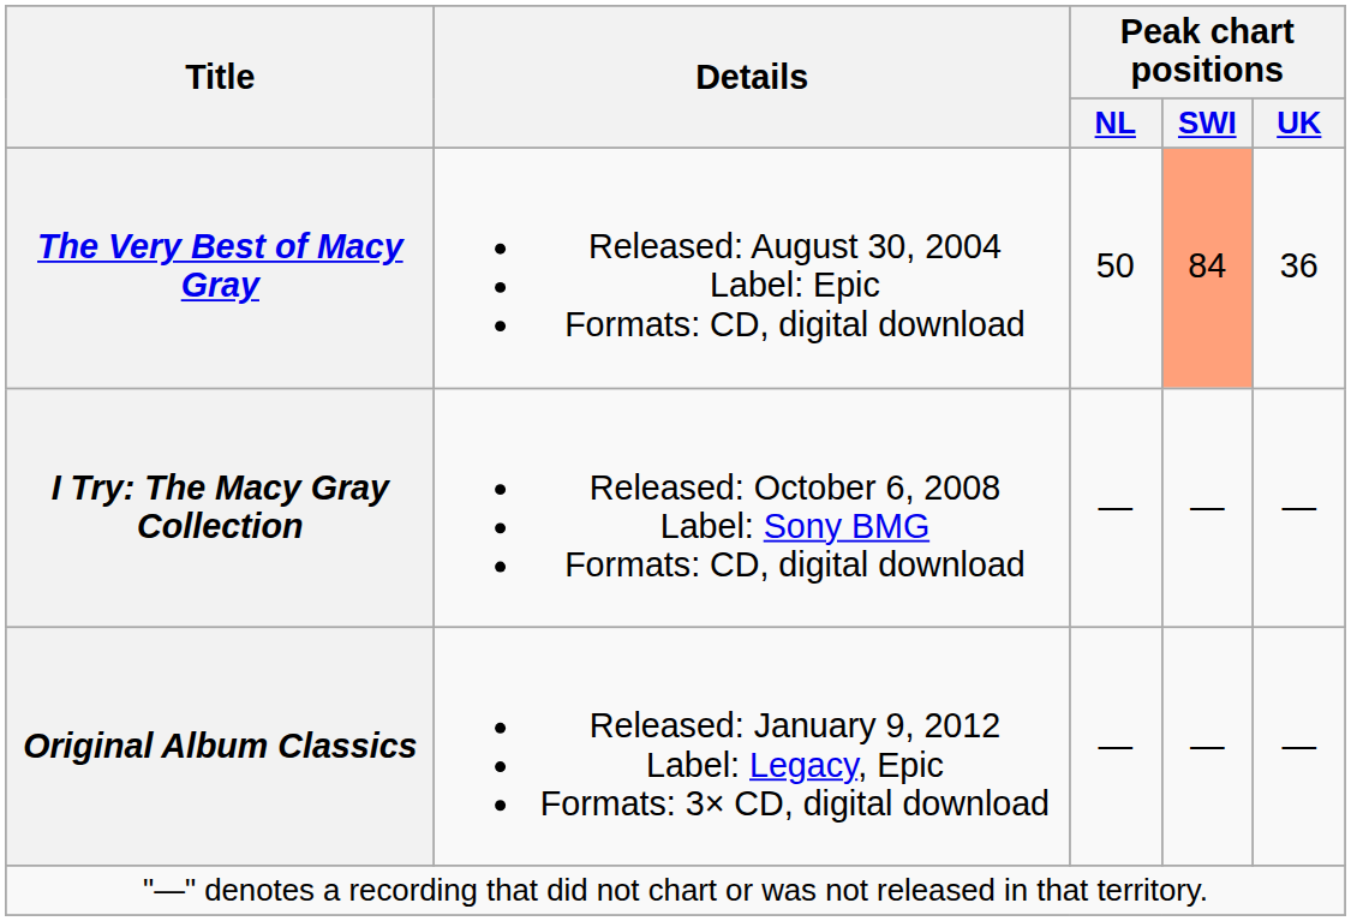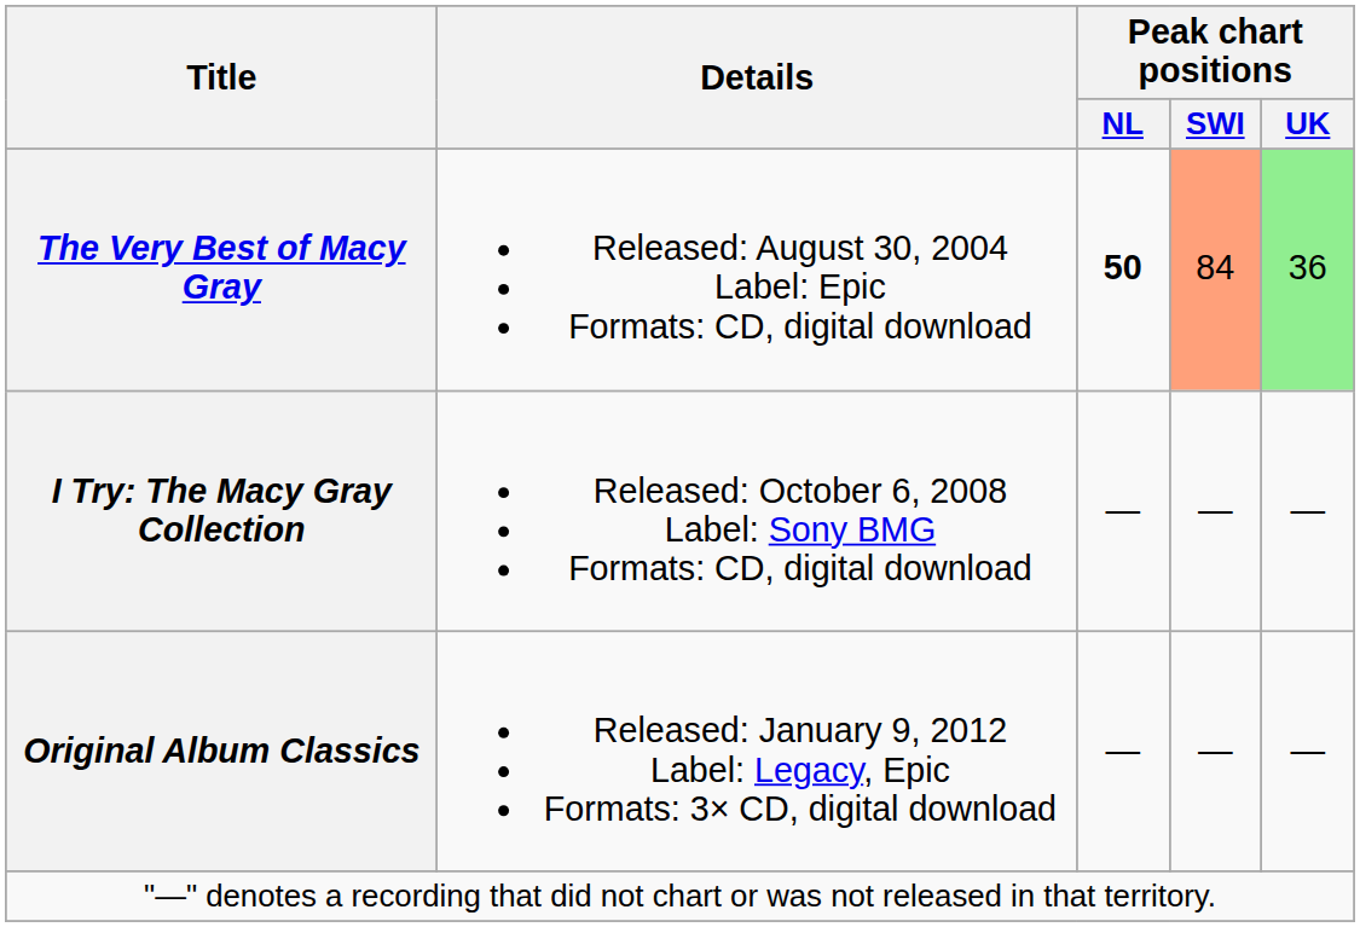 <table class="wikitable plainrowheaders" style="text-align:center;">
 <tr>
 <th scope="col" rowspan="2" style="width:12em;">Title</th>
 <th scope="col" rowspan="2" style="width:18em;">Details</th>
 <th scope="col" colspan="3">Peak chart positions</th>
 </tr>
 <tr>
 <th scope="col" style="width:2.5em;font-size:90%;"><a href='#'>NL</a><br></th>
 <th scope="col" style="width:2.5em;font-size:90%;"><a href='#'>SWI</a><br></th>
 <th scope="col" style="width:2.5em;font-size:90%;"><a href='#'>UK</a><br></th>
 </tr>
 <tr>
 <th scope="row"><em><a href='#'>The Very Best of Macy Gray</a></em></th>
 <td><br><ul><li>Released: August 30, 2004</li><li>Label: Epic</li><li>Formats: CD, digital download</li></ul></td>
-<td>50</td>
+<td><strong>50</strong></td>
 <td style="background: lightsalmon;">84</td>
-<td>36</td>
+<td style="background: lightgreen;">36</td>
 </tr>
 <tr>
 <th scope="row"><em>I Try: The Macy Gray Collection</em></th>
 <td><br><ul><li>Released: October 6, 2008</li><li>Label: <a href='#'>Sony BMG</a></li><li>Formats: CD, digital download</li></ul></td>
 <td>—</td>
 <td>—</td>
 <td>—</td>
 </tr>
 <tr>
 <th scope="row"><em>Original Album Classics</em></th>
 <td><br><ul><li>Released: January 9, 2012</li><li>Label: <a href='#'>Legacy</a>, Epic</li><li>Formats: 3× CD, digital download</li></ul></td>
 <td>—</td>
 <td>—</td>
 <td>—</td>
 </tr>
 <tr>
 <td colspan="5" style="font-size:90%">"—" denotes a recording that did not chart or was not released in that territory.</td>
 </tr>
 </table>
